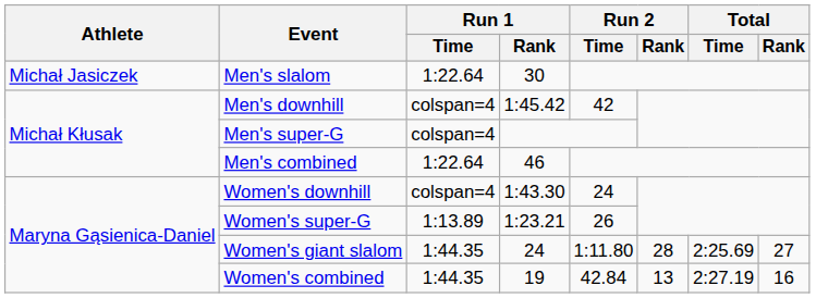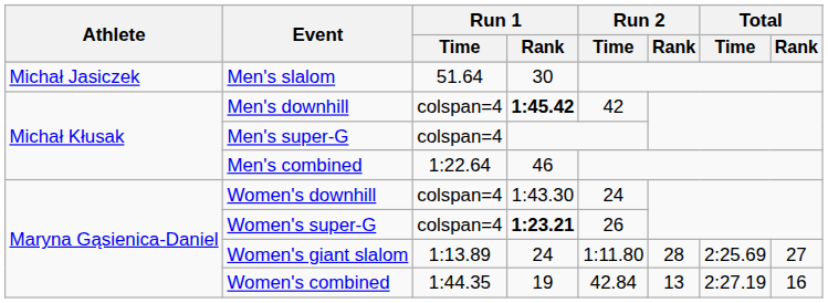 <table class="wikitable" style="font-size:90%">
 <tr>
 <th rowspan=2>Athlete</th>
 <th rowspan=2>Event</th>
 <th colspan=2>Run 1</th>
 <th colspan=2>Run 2</th>
 <th colspan=2>Total</th>
 </tr>
 <tr style="font-size:95%">
 <th>Time</th>
 <th>Rank</th>
 <th>Time</th>
 <th>Rank</th>
 <th>Time</th>
 <th>Rank</th>
 </tr>
 <tr align=center>
 <td align=left><a href='#'>Michał Jasiczek</a></td>
 <td align=left><a href='#'>Men's slalom</a></td>
-<td>1:22.64</td>
+<td>51.64</td>
 <td>30</td>
 <td colspan=4></td>
 </tr>
 <tr align=center>
 <td align=left rowspan=3><a href='#'>Michał Kłusak</a></td>
 <td align=left><a href='#'>Men's downhill</a></td>
 <td>colspan=4 </td>
-<td>1:45.42</td>
+<td><strong>1:45.42</strong></td>
 <td>42</td>
 </tr>
 <tr align=center>
 <td align=left><a href='#'>Men's super-G</a></td>
 <td>colspan=4 </td>
 <td colspan=2></td>
 </tr>
 <tr align=center>
 <td align=left><a href='#'>Men's combined</a></td>
 <td>1:22.64</td>
 <td>46</td>
 <td colspan=4></td>
 </tr>
 <tr align=center>
 <td align=left rowspan=4><a href='#'>Maryna Gąsienica-Daniel</a></td>
 <td align=left><a href='#'>Women's downhill</a></td>
 <td>colspan=4 </td>
 <td>1:43.30</td>
 <td>24</td>
 </tr>
 <tr align=center>
 <td align=left><a href='#'>Women's super-G</a></td>
-<td>1:13.89</td>
-<td>1:23.21</td>
+<td>colspan=4 </td>
+<td><strong>1:23.21</strong></td>
 <td>26</td>
 </tr>
 <tr align=center>
 <td align=left><a href='#'>Women's giant slalom</a></td>
-<td>1:44.35</td>
+<td>1:13.89</td>
 <td>24</td>
 <td>1:11.80</td>
 <td>28</td>
 <td>2:25.69</td>
 <td>27</td>
 </tr>
 <tr align=center>
 <td align=left><a href='#'>Women's combined</a></td>
 <td>1:44.35</td>
 <td>19</td>
 <td>42.84</td>
 <td>13</td>
 <td>2:27.19</td>
 <td>16</td>
 </tr>
 </table>
